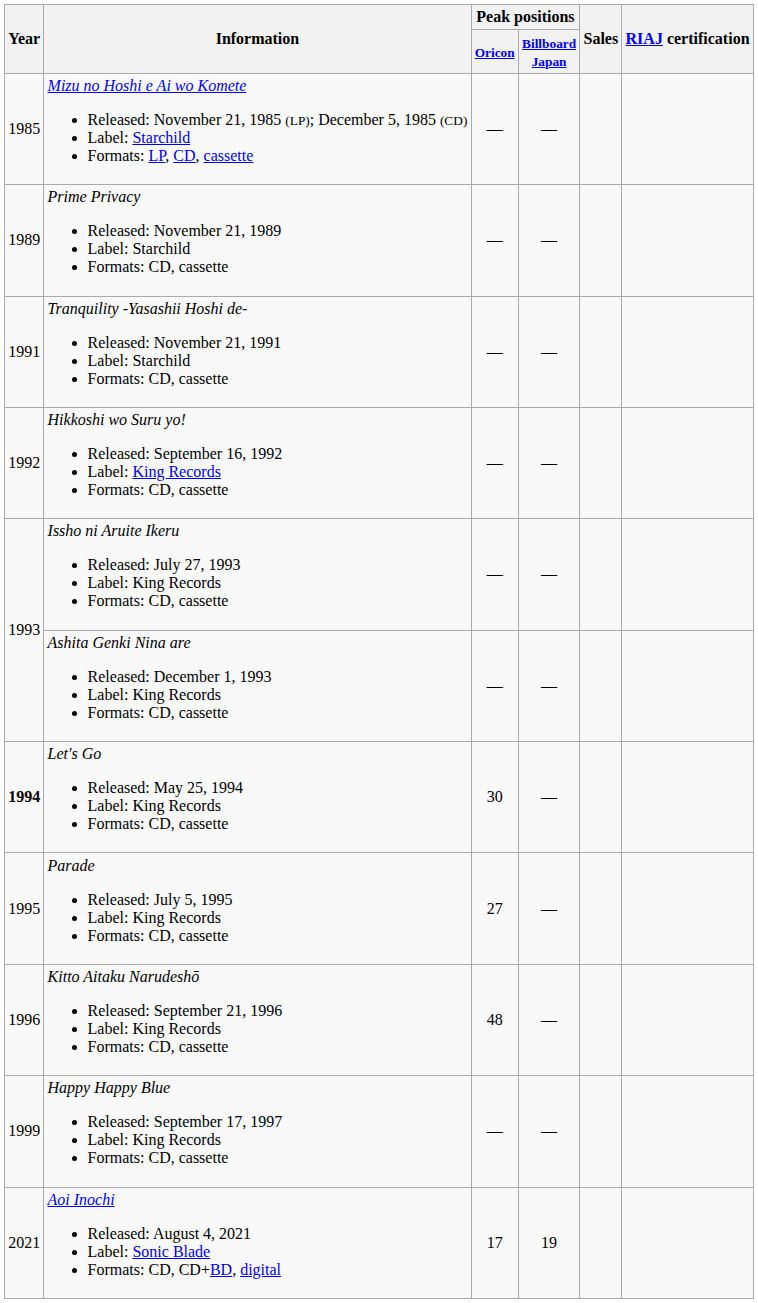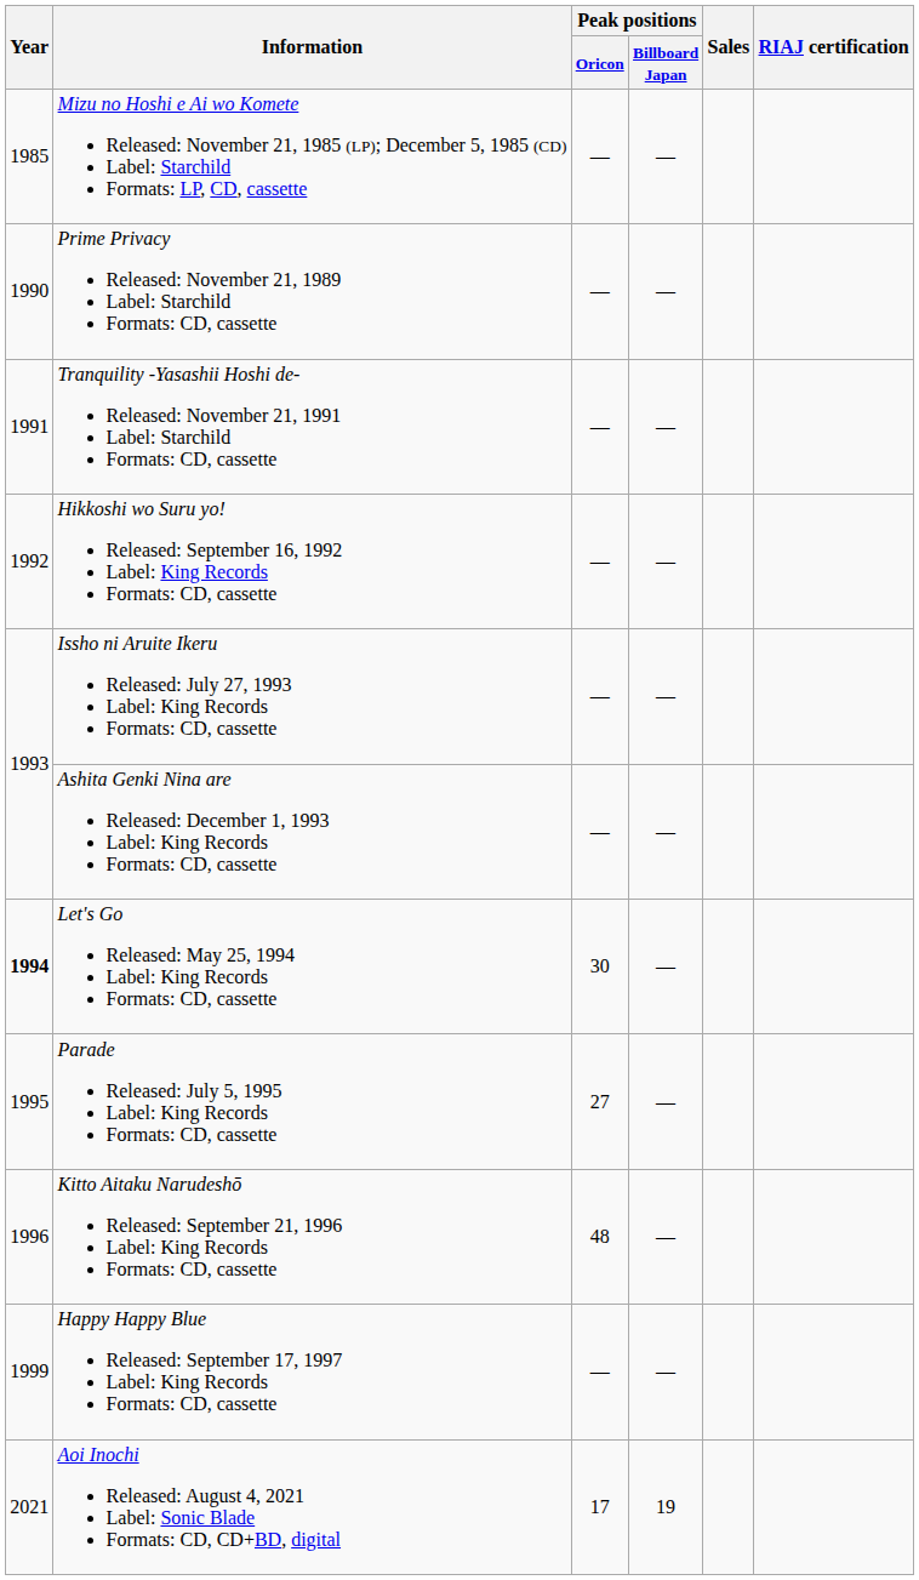 <table class="wikitable">
 <tr>
 <th rowspan="2">Year</th>
 <th rowspan="2">Information</th>
 <th colspan="2">Peak positions</th>
 <th rowspan="2">Sales<br></th>
 <th rowspan="2"><a href='#'>RIAJ</a> certification</th>
 </tr>
 <tr>
 <th><small><a href='#'>Oricon</a></small><br></th>
 <th><small><a href='#'>Billboard<br>Japan</a></small><br></th>
 </tr>
 <tr>
 <td>1985</td>
 <td><em><a href='#'>Mizu no Hoshi e Ai wo Komete</a></em><br><ul><li>Released: November 21, 1985 <small>(LP)</small>; December 5, 1985 <small>(CD)</small></li><li>Label: <a href='#'>Starchild</a></li><li>Formats: <a href='#'>LP</a>, <a href='#'>CD</a>, <a href='#'>cassette</a></li></ul></td>
 <td style="text-align:center;">—</td>
 <td style="text-align:center;">—</td>
 <td align="left"></td>
 <td align="left"></td>
 </tr>
 <tr>
-<td>1989</td>
+<td>1990</td>
 <td><em>Prime Privacy</em><br><ul><li>Released: November 21, 1989</li><li>Label: Starchild</li><li>Formats: CD, cassette</li></ul></td>
 <td style="text-align:center;">—</td>
 <td style="text-align:center;">—</td>
 <td align="left"></td>
 <td align="left"></td>
 </tr>
 <tr>
 <td>1991</td>
 <td><em>Tranquility -Yasashii Hoshi de-</em><br><ul><li>Released: November 21, 1991</li><li>Label: Starchild</li><li>Formats: CD, cassette</li></ul></td>
 <td style="text-align:center;">—</td>
 <td style="text-align:center;">—</td>
 <td align="left"></td>
 <td align="left"></td>
 </tr>
 <tr>
 <td>1992</td>
 <td><em>Hikkoshi wo Suru yo!</em><br><ul><li>Released: September 16, 1992</li><li>Label: <a href='#'>King Records</a></li><li>Formats: CD, cassette</li></ul></td>
 <td style="text-align:center;">—</td>
 <td style="text-align:center;">—</td>
 <td align="left"></td>
 <td align="left"></td>
 </tr>
 <tr>
 <td rowspan="2">1993</td>
 <td><em>Issho ni Aruite Ikeru</em><br><ul><li>Released: July 27, 1993</li><li>Label: King Records</li><li>Formats: CD, cassette</li></ul></td>
 <td style="text-align:center;">—</td>
 <td style="text-align:center;">—</td>
 <td align="left"></td>
 <td align="left"></td>
 </tr>
 <tr>
 <td><em>Ashita Genki Nina are</em><br><ul><li>Released: December 1, 1993</li><li>Label: King Records</li><li>Formats: CD, cassette</li></ul></td>
 <td style="text-align:center;">—</td>
 <td style="text-align:center;">—</td>
 <td align="left"></td>
 <td align="left"></td>
 </tr>
 <tr>
 <td><strong>1994</strong></td>
 <td><em>Let's Go</em><br><ul><li>Released: May 25, 1994</li><li>Label: King Records</li><li>Formats: CD, cassette</li></ul></td>
 <td style="text-align:center;">30</td>
 <td style="text-align:center;">—</td>
 <td align="left"></td>
 <td align="left"></td>
 </tr>
 <tr>
 <td>1995</td>
 <td><em>Parade</em><br><ul><li>Released: July 5, 1995</li><li>Label: King Records</li><li>Formats: CD, cassette</li></ul></td>
 <td style="text-align:center;">27</td>
 <td style="text-align:center;">—</td>
 <td align="left"></td>
 <td align="left"></td>
 </tr>
 <tr>
 <td>1996</td>
 <td><em>Kitto Aitaku Narudeshō</em><br><ul><li>Released: September 21, 1996</li><li>Label: King Records</li><li>Formats: CD, cassette</li></ul></td>
 <td style="text-align:center;">48</td>
 <td style="text-align:center;">—</td>
 <td align="left"></td>
 <td align="left"></td>
 </tr>
 <tr>
 <td>1999</td>
 <td><em>Happy Happy Blue</em><br><ul><li>Released: September 17, 1997</li><li>Label: King Records</li><li>Formats: CD, cassette</li></ul></td>
 <td style="text-align:center;">—</td>
 <td style="text-align:center;">—</td>
 <td align="left"></td>
 <td align="left"></td>
 </tr>
 <tr>
 <td>2021</td>
 <td><em><a href='#'>Aoi Inochi</a></em><br><ul><li>Released: August 4, 2021</li><li>Label: <a href='#'>Sonic Blade</a></li><li>Formats: CD, CD+<a href='#'>BD</a>, <a href='#'>digital</a></li></ul></td>
 <td style="text-align:center;">17</td>
 <td style="text-align:center;">19</td>
 <td align="left"></td>
 <td align="left"></td>
 </tr>
 </table>
